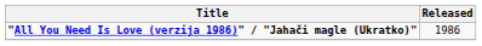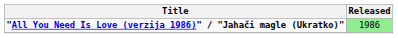 <table class="wikitable" style="font-size:95%">
 <tr>
 <th>Title</th>
 <th>Released</th>
 </tr>
 <tr>
 <td style="text-align:center;"><strong>"<a href='#'>All You Need Is Love (verzija 1986)</a>" / "Jahači magle (Ukratko)"</strong></td>
-<td style="text-align:center;">1986</td>
+<td style="background: lightgreen; text-align:center;">1986</td>
 </tr>
 <tr>
 </tr>
 </table>
